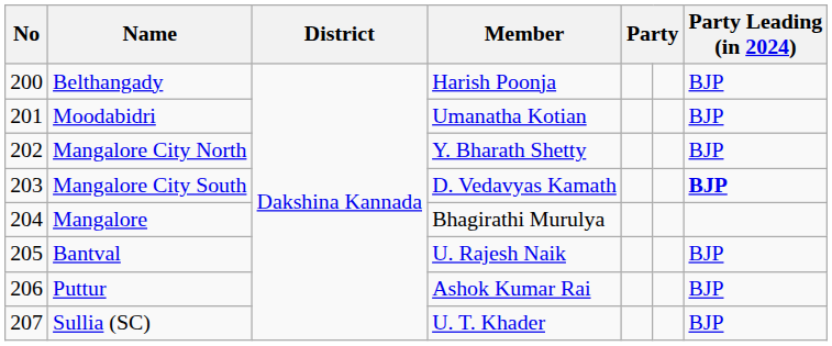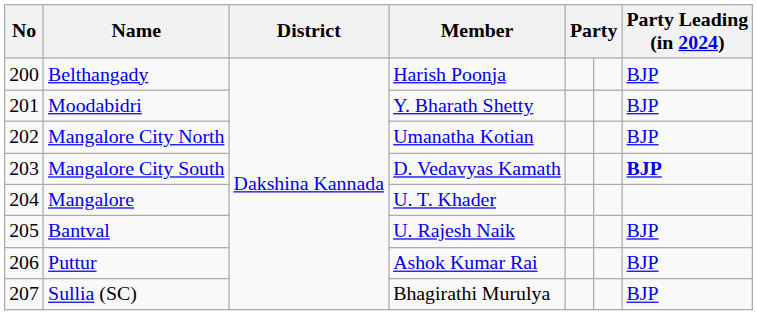 <table class="wikitable">
 <tr>
 <th>No</th>
 <th>Name</th>
 <th>District</th>
 <th>Member</th>
 <th colspan=2>Party</th>
 <th colspan="2">Party Leading<br>(in <a href='#'>2024</a>)</th>
 </tr>
 <tr>
 <td>200</td>
 <td><a href='#'>Belthangady</a></td>
 <td rowspan="8"><a href='#'>Dakshina Kannada</a></td>
 <td><a href='#'>Harish Poonja</a></td>
 <td></td>
 <td style="background-color: "></td>
 <td><a href='#'>BJP</a></td>
 </tr>
 <tr>
 <td>201</td>
 <td><a href='#'>Moodabidri</a></td>
-<td><a href='#'>Umanatha Kotian</a></td>
+<td><a href='#'>Y. Bharath Shetty</a></td>
 <td></td>
 <td style="background-color: "></td>
 <td><a href='#'>BJP</a></td>
 </tr>
 <tr>
 <td>202</td>
 <td><a href='#'>Mangalore City North</a></td>
-<td><a href='#'>Y. Bharath Shetty</a></td>
+<td><a href='#'>Umanatha Kotian</a></td>
 <td></td>
 <td style="background-color: "></td>
 <td><a href='#'>BJP</a></td>
 </tr>
 <tr>
 <td>203</td>
 <td><a href='#'>Mangalore City South</a></td>
 <td><a href='#'>D. Vedavyas Kamath</a></td>
 <td></td>
 <td style="background-color: "></td>
 <td><strong><a href='#'>BJP</a></strong></td>
 </tr>
 <tr>
 <td>204</td>
 <td><a href='#'>Mangalore</a></td>
-<td>Bhagirathi Murulya</td>
+<td><a href='#'>U. T. Khader</a></td>
 <td></td>
 <td></td>
 </tr>
 <tr>
 <td>205</td>
 <td><a href='#'>Bantval</a></td>
 <td><a href='#'>U. Rajesh Naik</a></td>
 <td></td>
 <td style="background-color: "></td>
 <td><a href='#'>BJP</a></td>
 </tr>
 <tr>
 <td>206</td>
 <td><a href='#'>Puttur</a></td>
 <td><a href='#'>Ashok Kumar Rai</a></td>
 <td></td>
 <td style="background-color: "></td>
 <td><a href='#'>BJP</a></td>
 </tr>
 <tr>
 <td>207</td>
 <td><a href='#'>Sullia</a> (SC)</td>
-<td><a href='#'>U. T. Khader</a></td>
+<td>Bhagirathi Murulya</td>
 <td></td>
 <td style="background-color: "></td>
 <td><a href='#'>BJP</a></td>
 </tr>
 </table>
